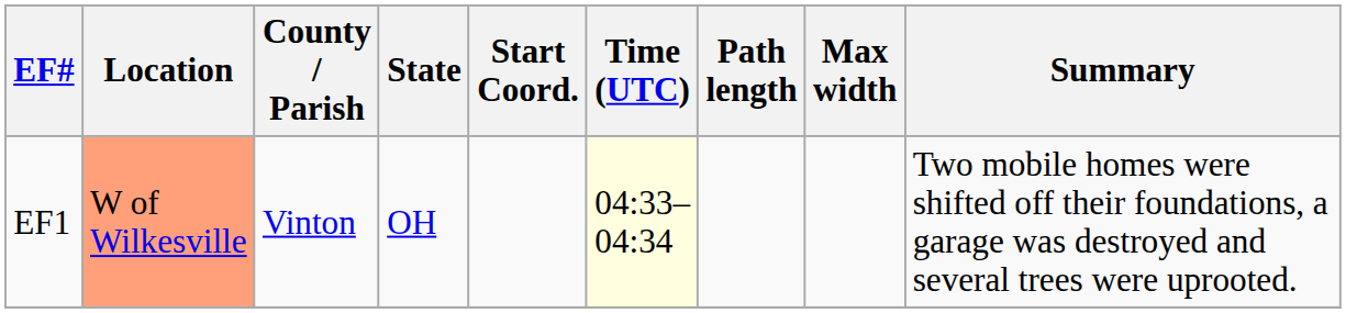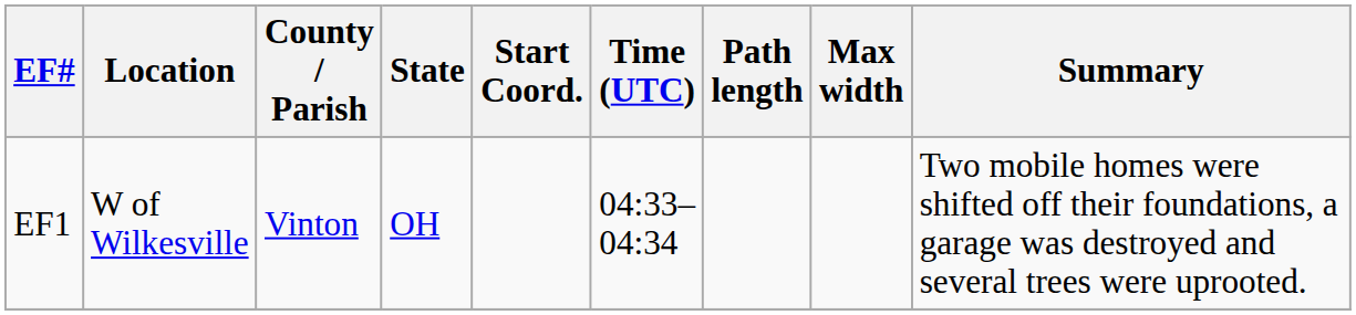 <table class="wikitable sortable" style="width:100%;">
 <tr>
 <th scope="col"  style="width:3%; text-align:center;"><a href='#'>EF#</a></th>
 <th scope="col"  style="width:7%; text-align:center;" class="unsortable">Location</th>
 <th scope="col"  style="width:6%; text-align:center;" class="unsortable">County / Parish</th>
 <th scope="col"  style="width:5%; text-align:center;">State</th>
 <th scope="col"  style="width:6%; text-align:center;">Start Coord.</th>
 <th scope="col"  style="width:6%; text-align:center;">Time (<a href='#'>UTC</a>)</th>
 <th scope="col"  style="width:6%; text-align:center;">Path length</th>
 <th scope="col"  style="width:6%; text-align:center;">Max width</th>
 <th scope="col" class="unsortable" style="width:48%; text-align:center;">Summary</th>
 </tr>
 <tr>
 <td>EF1</td>
-<td style="background: lightsalmon;">W of <a href='#'>Wilkesville</a></td>
+<td>W of <a href='#'>Wilkesville</a></td>
 <td><a href='#'>Vinton</a></td>
 <td><a href='#'>OH</a></td>
 <td></td>
-<td style="background: lightyellow;">04:33–04:34</td>
+<td>04:33–04:34</td>
 <td></td>
 <td></td>
 <td>Two mobile homes were shifted off their foundations, a garage was destroyed and several trees were uprooted.</td>
 </tr>
 <tr>
 </tr>
 </table>
